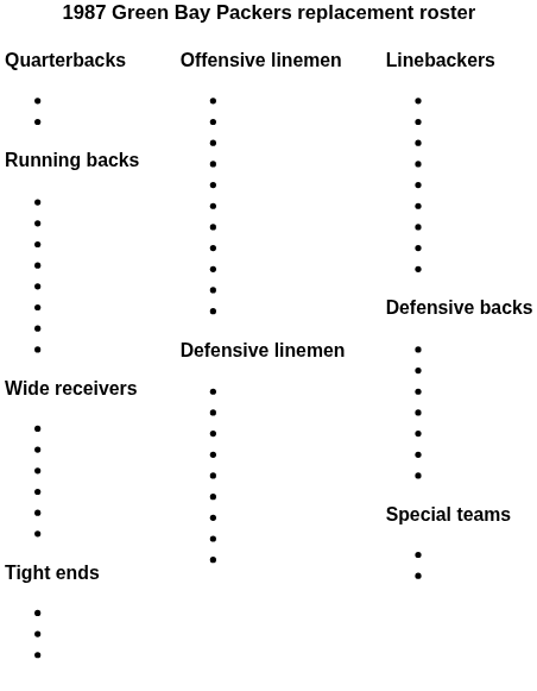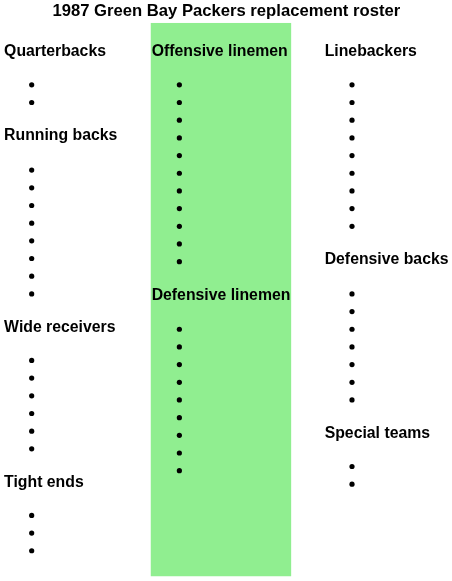 <table class="toccolours" style="text-align:left">
 <tr>
 <th colspan="7" style="text-align:center; ">1987 Green Bay Packers replacement roster</th>
 </tr>
 <tr>
 <td style="font-size: 95%;" valign="top"><br><strong>Quarterbacks</strong><ul><li></li><li></li></ul><strong>Running backs</strong><ul><li></li><li></li><li></li><li></li><li></li><li></li><li></li><li></li></ul><strong>Wide receivers</strong><ul><li></li><li></li><li></li><li></li><li></li><li></li></ul><strong>Tight ends</strong><ul><li></li><li></li><li></li></ul></td>
 <td style="width: 25px;"></td>
-<td style="font-size: 95%;" valign="top"><br><strong>Offensive linemen</strong><ul><li></li><li></li><li></li><li></li><li></li><li></li><li></li><li></li><li></li><li></li><li></li></ul><strong>Defensive linemen</strong><ul><li></li><li></li><li></li><li></li><li></li><li></li><li></li><li></li><li></li></ul></td>
+<td style="background: lightgreen; font-size: 95%;" valign="top"><br><strong>Offensive linemen</strong><ul><li></li><li></li><li></li><li></li><li></li><li></li><li></li><li></li><li></li><li></li><li></li></ul><strong>Defensive linemen</strong><ul><li></li><li></li><li></li><li></li><li></li><li></li><li></li><li></li><li></li></ul></td>
 <td style="width: 25px;"></td>
 <td style="font-size: 95%;" valign="top"><br><strong>Linebackers</strong><ul><li></li><li></li><li></li><li></li><li></li><li></li><li></li><li></li><li></li></ul><strong>Defensive backs</strong><ul><li></li><li></li><li></li><li></li><li></li><li></li><li></li></ul><strong>Special teams</strong><ul><li></li><li></li></ul></td>
 </tr>
 </table>
